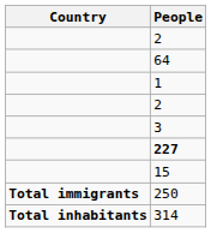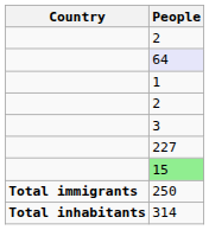 <table class="wikitable">
 <tr>
 <th>Country</th>
 <th>People</th>
 </tr>
 <tr>
 <td></td>
 <td>2</td>
 </tr>
 <tr>
 <td></td>
-<td>64</td>
+<td style="background: lavender;">64</td>
 </tr>
 <tr>
 <td></td>
 <td>1</td>
 </tr>
 <tr>
 <td></td>
 <td>2</td>
 </tr>
 <tr>
 <td></td>
 <td>3</td>
 </tr>
 <tr>
 <td></td>
-<td><strong>227</strong></td>
+<td>227</td>
 </tr>
 <tr>
 <td></td>
-<td>15</td>
+<td style="background: lightgreen;">15</td>
 </tr>
 <tr>
 <td><strong>Total immigrants</strong></td>
 <td>250</td>
 </tr>
 <tr>
 <td><strong>Total inhabitants</strong></td>
 <td>314</td>
 </tr>
 </table>
